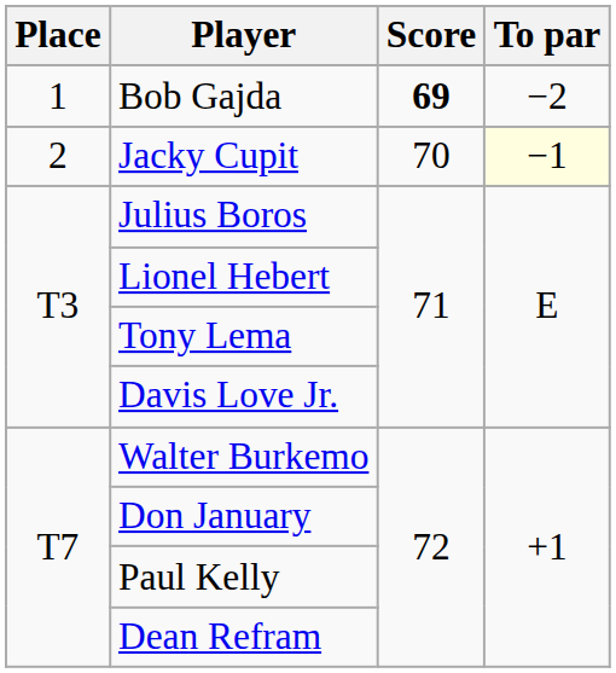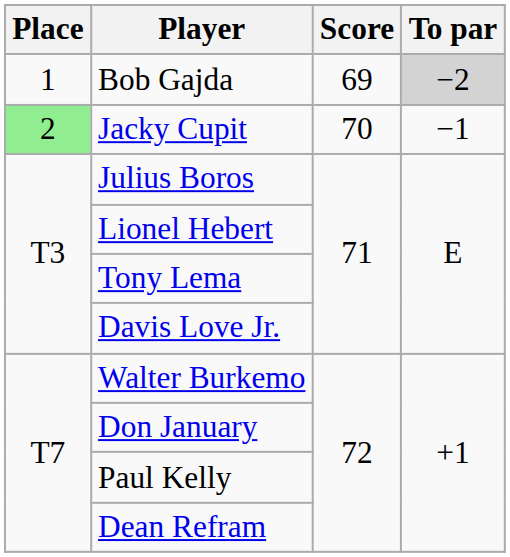 <table class=wikitable>
 <tr>
 <th>Place</th>
 <th>Player</th>
 <th>Score</th>
 <th>To par</th>
 </tr>
 <tr>
 <td align=center>1</td>
 <td> Bob Gajda</td>
-<td align=center><strong>69</strong></td>
-<td align=center>−2</td>
+<td align=center>69</td>
+<td align=center style="background: lightgrey;">−2</td>
 </tr>
 <tr>
-<td align=center>2</td>
+<td align=center style="background: lightgreen;">2</td>
 <td> <a href='#'>Jacky Cupit</a></td>
 <td align=center>70</td>
-<td align=center style="background: lightyellow;">−1</td>
+<td align=center>−1</td>
 </tr>
 <tr>
 <td align=center rowspan=4>T3</td>
 <td> <a href='#'>Julius Boros</a></td>
 <td rowspan=4 align=center>71</td>
 <td rowspan=4 align=center>E</td>
 </tr>
 <tr>
 <td> <a href='#'>Lionel Hebert</a></td>
 </tr>
 <tr>
 <td> <a href='#'>Tony Lema</a></td>
 </tr>
 <tr>
 <td> <a href='#'>Davis Love Jr.</a></td>
 </tr>
 <tr>
 <td align=center rowspan=4>T7</td>
 <td> <a href='#'>Walter Burkemo</a></td>
 <td rowspan=4 align=center>72</td>
 <td rowspan=4 align=center>+1</td>
 </tr>
 <tr>
 <td> <a href='#'>Don January</a></td>
 </tr>
 <tr>
 <td> Paul Kelly</td>
 </tr>
 <tr>
 <td> <a href='#'>Dean Refram</a></td>
 </tr>
 </table>
